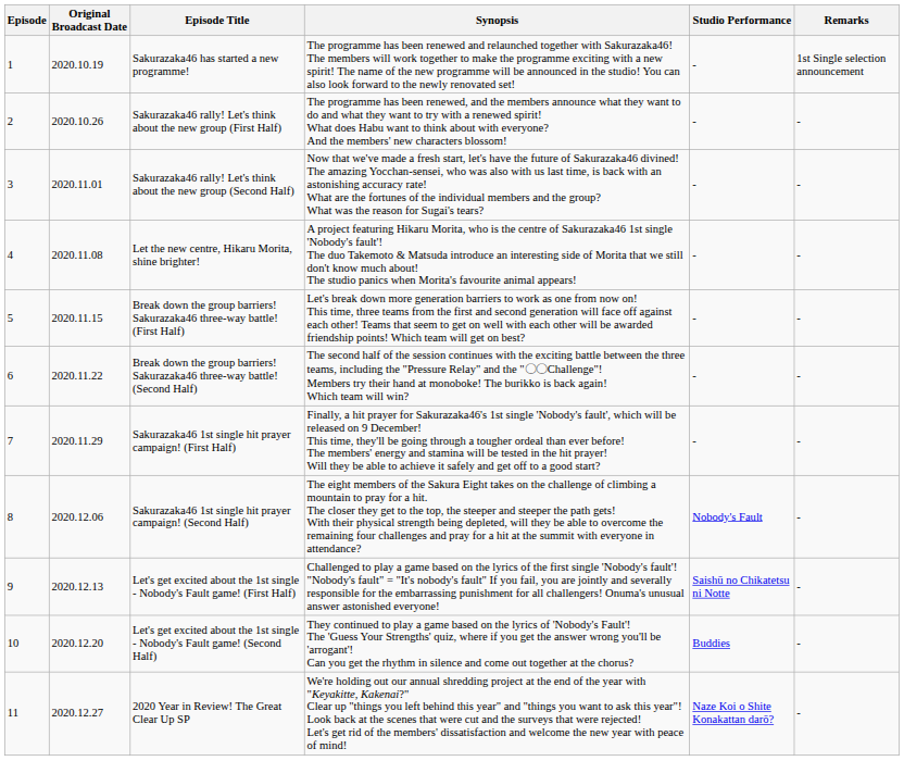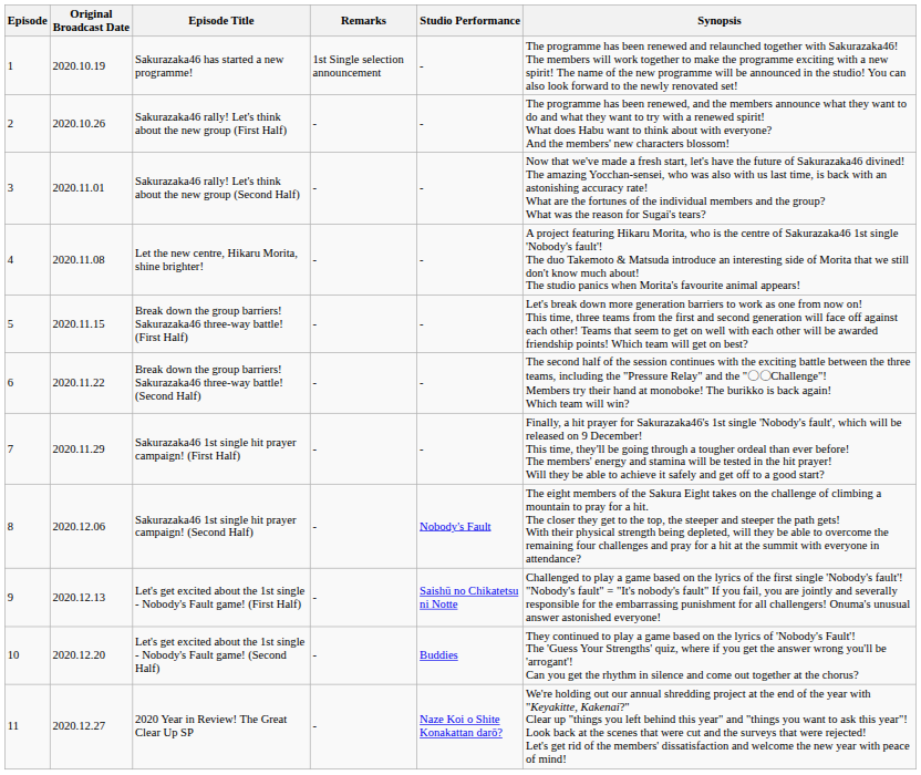 <table class="wikitable">
 <tr>
 <th>Episode</th>
 <th>Original Broadcast Date</th>
 <th>Episode Title</th>
+<th>Remarks</th>
+<th>Studio Performance</th>
 <th>Synopsis</th>
-<th>Studio Performance</th>
-<th>Remarks</th>
 </tr>
 <tr>
 <td>1</td>
 <td>2020.10.19</td>
 <td>Sakurazaka46 has started a new programme!</td>
+<td>1st Single selection announcement</td>
+<td>-</td>
 <td>The programme has been renewed and relaunched together with Sakurazaka46!<br>The members will work together to make the programme exciting with a new spirit! The name of the new programme will be announced in the studio! You can also look forward to the newly renovated set!</td>
-<td>-</td>
-<td>1st Single selection announcement</td>
 </tr>
 <tr>
 <td>2</td>
 <td>2020.10.26</td>
 <td>Sakurazaka46 rally! Let's think about the new group (First Half)</td>
-<td>The programme has been renewed, and the members announce what they want to do and what they want to try with a renewed spirit!<br>What does Habu want to think about with everyone?<br>And the members' new characters blossom!</td>
 <td>-</td>
 <td>-</td>
+<td>The programme has been renewed, and the members announce what they want to do and what they want to try with a renewed spirit!<br>What does Habu want to think about with everyone?<br>And the members' new characters blossom!</td>
 </tr>
 <tr>
 <td>3</td>
 <td>2020.11.01</td>
 <td>Sakurazaka46 rally! Let's think about the new group (Second Half)</td>
-<td>Now that we've made a fresh start, let's have the future of Sakurazaka46 divined!<br>The amazing Yocchan-sensei, who was also with us last time, is back with an astonishing accuracy rate!<br>What are the fortunes of the individual members and the group?<br>What was the reason for Sugai's tears?</td>
 <td>-</td>
 <td>-</td>
+<td>Now that we've made a fresh start, let's have the future of Sakurazaka46 divined!<br>The amazing Yocchan-sensei, who was also with us last time, is back with an astonishing accuracy rate!<br>What are the fortunes of the individual members and the group?<br>What was the reason for Sugai's tears?</td>
 </tr>
 <tr>
 <td>4</td>
 <td>2020.11.08</td>
 <td>Let the new centre, Hikaru Morita, shine brighter!</td>
-<td>A project featuring Hikaru Morita, who is the centre of Sakurazaka46 1st single 'Nobody's fault'!<br>The duo Takemoto & Matsuda introduce an interesting side of Morita that we still don't know much about!<br>The studio panics when Morita's favourite animal appears!</td>
 <td>-</td>
 <td>-</td>
+<td>A project featuring Hikaru Morita, who is the centre of Sakurazaka46 1st single 'Nobody's fault'!<br>The duo Takemoto & Matsuda introduce an interesting side of Morita that we still don't know much about!<br>The studio panics when Morita's favourite animal appears!</td>
 </tr>
 <tr>
 <td>5</td>
 <td>2020.11.15</td>
 <td>Break down the group barriers! Sakurazaka46 three-way battle! (First Half)</td>
-<td>Let's break down more generation barriers to work as one from now on!<br>This time, three teams from the first and second generation will face off against each other! Teams that seem to get on well with each other will be awarded friendship points! Which team will get on best?</td>
 <td>-</td>
 <td>-</td>
+<td>Let's break down more generation barriers to work as one from now on!<br>This time, three teams from the first and second generation will face off against each other! Teams that seem to get on well with each other will be awarded friendship points! Which team will get on best?</td>
 </tr>
 <tr>
 <td>6</td>
 <td>2020.11.22</td>
 <td>Break down the group barriers! Sakurazaka46 three-way battle! (Second Half)</td>
-<td>The second half of the session continues with the exciting battle between the three teams, including the "Pressure Relay" and the "〇〇Challenge"!<br>Members try their hand at monoboke! The burikko is back again!<br>Which team will win?</td>
 <td>-</td>
 <td>-</td>
+<td>The second half of the session continues with the exciting battle between the three teams, including the "Pressure Relay" and the "〇〇Challenge"!<br>Members try their hand at monoboke! The burikko is back again!<br>Which team will win?</td>
 </tr>
 <tr>
 <td>7</td>
 <td>2020.11.29</td>
 <td>Sakurazaka46 1st single hit prayer campaign! (First Half)</td>
-<td>Finally, a hit prayer for Sakurazaka46's 1st single 'Nobody's fault', which will be released on 9 December!<br>This time, they'll be going through a tougher ordeal than ever before!<br>The members' energy and stamina will be tested in the hit prayer!<br>Will they be able to achieve it safely and get off to a good start?</td>
 <td>-</td>
 <td>-</td>
+<td>Finally, a hit prayer for Sakurazaka46's 1st single 'Nobody's fault', which will be released on 9 December!<br>This time, they'll be going through a tougher ordeal than ever before!<br>The members' energy and stamina will be tested in the hit prayer!<br>Will they be able to achieve it safely and get off to a good start?</td>
 </tr>
 <tr>
 <td>8</td>
 <td>2020.12.06</td>
 <td>Sakurazaka46 1st single hit prayer campaign! (Second Half)</td>
+<td>-</td>
+<td><a href='#'>Nobody's Fault</a></td>
 <td>The eight members of the Sakura Eight takes on the challenge of climbing a mountain to pray for a hit.<br>The closer they get to the top, the steeper and steeper the path gets!<br>With their physical strength being depleted, will they be able to overcome the remaining four challenges and pray for a hit at the summit with everyone in attendance?</td>
-<td><a href='#'>Nobody's Fault</a></td>
-<td>-</td>
 </tr>
 <tr>
 <td>9</td>
 <td>2020.12.13</td>
 <td>Let's get excited about the 1st single - Nobody's Fault game! (First Half)</td>
+<td>-</td>
+<td><a href='#'>Saishū no Chikatetsu ni Notte</a></td>
 <td>Challenged to play a game based on the lyrics of the first single 'Nobody's fault'!<br>"Nobody's fault" = "It's nobody's fault" If you fail, you are jointly and severally responsible for the embarrassing punishment for all challengers! Onuma's unusual answer astonished everyone!</td>
-<td><a href='#'>Saishū no Chikatetsu ni Notte</a></td>
-<td>-</td>
 </tr>
 <tr>
 <td>10</td>
 <td>2020.12.20</td>
 <td>Let's get excited about the 1st single - Nobody's Fault game! (Second Half)</td>
+<td>-</td>
+<td><a href='#'>Buddies</a></td>
 <td>They continued to play a game based on the lyrics of 'Nobody's Fault'!<br>The 'Guess Your Strengths' quiz, where if you get the answer wrong you'll be 'arrogant'!<br>Can you get the rhythm in silence and come out together at the chorus?</td>
-<td><a href='#'>Buddies</a></td>
-<td>-</td>
 </tr>
 <tr>
 <td>11</td>
 <td>2020.12.27</td>
 <td>2020 Year in Review! The Great Clear Up SP</td>
+<td>-</td>
+<td><a href='#'>Naze Koi o Shite Konakattan darō?</a></td>
 <td>We're holding out our annual shredding project at the end of the year with "<em>Keyakitte, Kakenai</em>?"<br>Clear up "things you left behind this year" and "things you want to ask this year"!<br>Look back at the scenes that were cut and the surveys that were rejected!<br>Let's get rid of the members' dissatisfaction and welcome the new year with peace of mind!</td>
-<td><a href='#'>Naze Koi o Shite Konakattan darō?</a></td>
-<td>-</td>
 </tr>
 </table>
